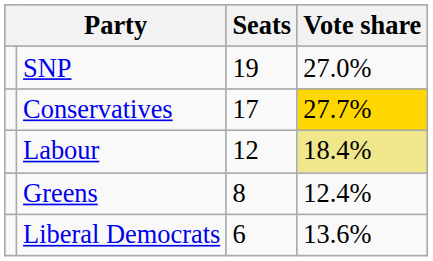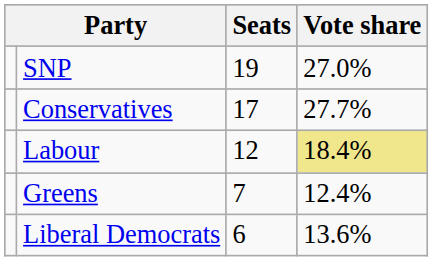 <table class="wikitable">
 <tr>
 <th scope="col" colspan="2">Party</th>
 <th scope="col">Seats</th>
 <th scope="col">Vote share</th>
 </tr>
 <tr>
 <td style="background-color: "></td>
 <td scope="row"><a href='#'>SNP</a></td>
 <td>19</td>
 <td>27.0%</td>
 </tr>
 <tr>
 <td style="background-color: "></td>
 <td scope="row"><a href='#'>Conservatives</a></td>
 <td>17</td>
-<td style="background: gold;">27.7%</td>
+<td>27.7%</td>
 </tr>
 <tr>
 <td style="background-color: "></td>
 <td scope="row"><a href='#'>Labour</a></td>
 <td>12</td>
 <td style="background: khaki;">18.4%</td>
 </tr>
 <tr>
 <td style="background-color: "></td>
 <td scope="row"><a href='#'>Greens</a></td>
-<td>8</td>
+<td>7</td>
 <td>12.4%</td>
 </tr>
 <tr>
 <td style="background-color: "></td>
 <td scope="row"><a href='#'>Liberal Democrats</a></td>
 <td>6</td>
 <td>13.6%</td>
 </tr>
 </table>
